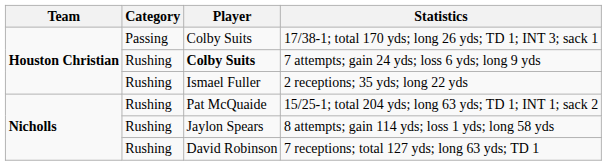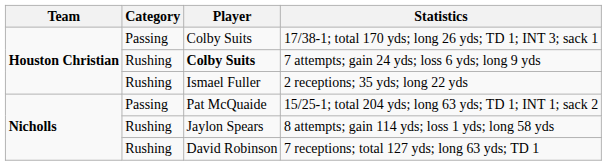 <table class="wikitable" style="float: right;">
 <tr>
 <th>Team</th>
 <th>Category</th>
 <th>Player</th>
 <th>Statistics</th>
 </tr>
 <tr>
 <td rowspan=3><strong>Houston Christian</strong></td>
 <td>Passing</td>
 <td>Colby Suits</td>
 <td>17/38-1; total 170 yds; long 26 yds; TD 1; INT 3; sack 1</td>
 </tr>
 <tr>
 <td>Rushing</td>
 <td><strong>Colby Suits</strong></td>
 <td>7 attempts; gain 24 yds; loss 6 yds; long 9 yds</td>
 </tr>
 <tr>
 <td>Rushing</td>
 <td>Ismael Fuller</td>
 <td>2 receptions; 35 yds; long 22 yds</td>
 </tr>
 <tr>
 <td rowspan=3><strong>Nicholls</strong></td>
-<td>Rushing</td>
+<td>Passing</td>
 <td>Pat McQuaide</td>
 <td>15/25-1; total 204 yds; long 63 yds; TD 1; INT 1; sack 2</td>
 </tr>
 <tr>
 <td>Rushing</td>
 <td>Jaylon Spears</td>
 <td>8 attempts; gain 114 yds; loss 1 yds; long 58 yds</td>
 </tr>
 <tr>
 <td>Rushing</td>
 <td>David Robinson</td>
 <td>7 receptions; total 127 yds; long 63 yds; TD 1</td>
 </tr>
 </table>
